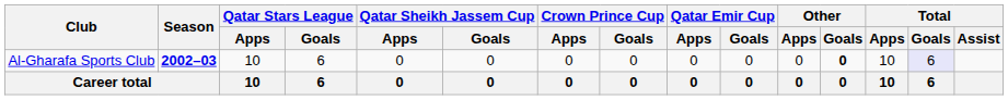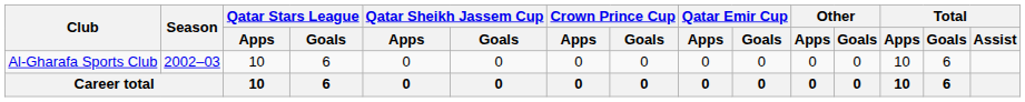 <table class="wikitable" style="text-align: center">
 <tr>
 <th rowspan="2">Club</th>
 <th rowspan="2">Season</th>
 <th colspan="2"><a href='#'>Qatar Stars League</a></th>
 <th colspan="2"><a href='#'>Qatar Sheikh Jassem Cup</a></th>
 <th colspan="2"><a href='#'>Crown Prince Cup</a></th>
 <th colspan="2"><a href='#'>Qatar Emir Cup</a></th>
 <th colspan="2">Other</th>
 <th colspan="3">Total</th>
 </tr>
 <tr>
 <th>Apps</th>
 <th>Goals</th>
 <th>Apps</th>
 <th>Goals</th>
 <th>Apps</th>
 <th>Goals</th>
 <th>Apps</th>
 <th>Goals</th>
 <th>Apps</th>
 <th>Goals</th>
 <th>Apps</th>
 <th>Goals</th>
 <th>Assist</th>
 </tr>
 <tr>
 <td rowspan="1"><a href='#'>Al-Gharafa Sports Club</a></td>
-<td><strong><a href='#'>2002–03</a></strong></td>
+<td><a href='#'>2002–03</a></td>
 <td>10</td>
 <td>6</td>
 <td>0</td>
 <td>0</td>
 <td>0</td>
 <td>0</td>
 <td>0</td>
 <td>0</td>
 <td>0</td>
-<td><strong>0</strong></td>
+<td>0</td>
 <td>10</td>
-<td style="background: lavender;">6</td>
+<td>6</td>
 <td></td>
 </tr>
 <tr>
 <th colspan="2">Career total</th>
 <th>10</th>
 <th>6</th>
 <th>0</th>
 <th>0</th>
 <th>0</th>
 <th>0</th>
 <th>0</th>
 <th>0</th>
 <th>0</th>
 <th>0</th>
 <th>10</th>
 <th>6</th>
 <th></th>
 </tr>
 </table>
